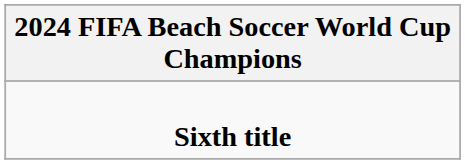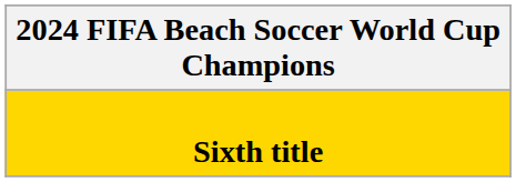 <table class="wikitable" style="margin:1em auto; text-align:center">
 <tr>
 <th width=250><strong>2024 FIFA Beach Soccer World Cup<br>Champions</strong></th>
 </tr>
 <tr>
-<td><strong></strong><br><strong>Sixth title</strong><br></td>
+<td style="background: gold;"><strong></strong><br><strong>Sixth title</strong><br></td>
 </tr>
 </table>
